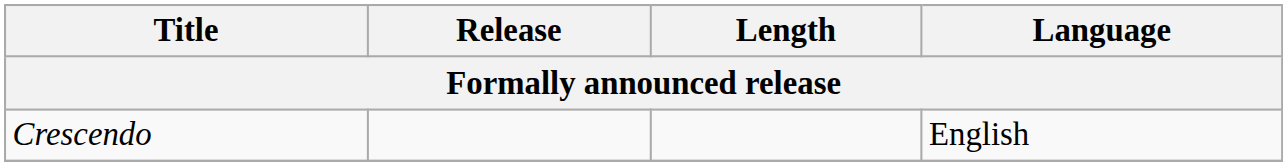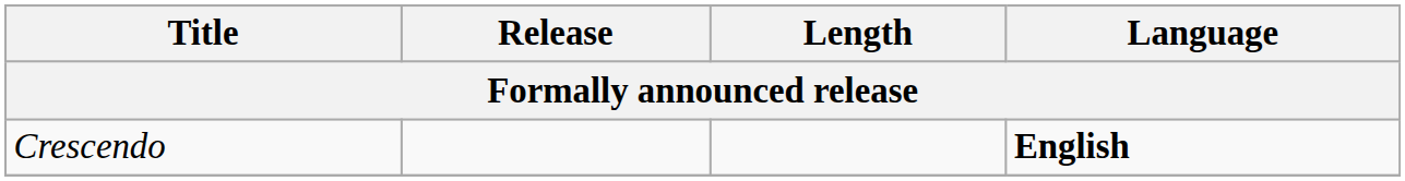 <table class="wikitable sortable" style="width:100%;">
 <tr>
 <th>Title</th>
 <th>Release</th>
 <th>Length</th>
 <th>Language</th>
 </tr>
 <tr>
 <th colspan="4">Formally announced release </th>
 </tr>
 <tr>
 <td><em>Crescendo</em></td>
 <td></td>
 <td></td>
-<td>English</td>
+<td><strong>English</strong></td>
 </tr>
 <tr>
 </tr>
 </table>
